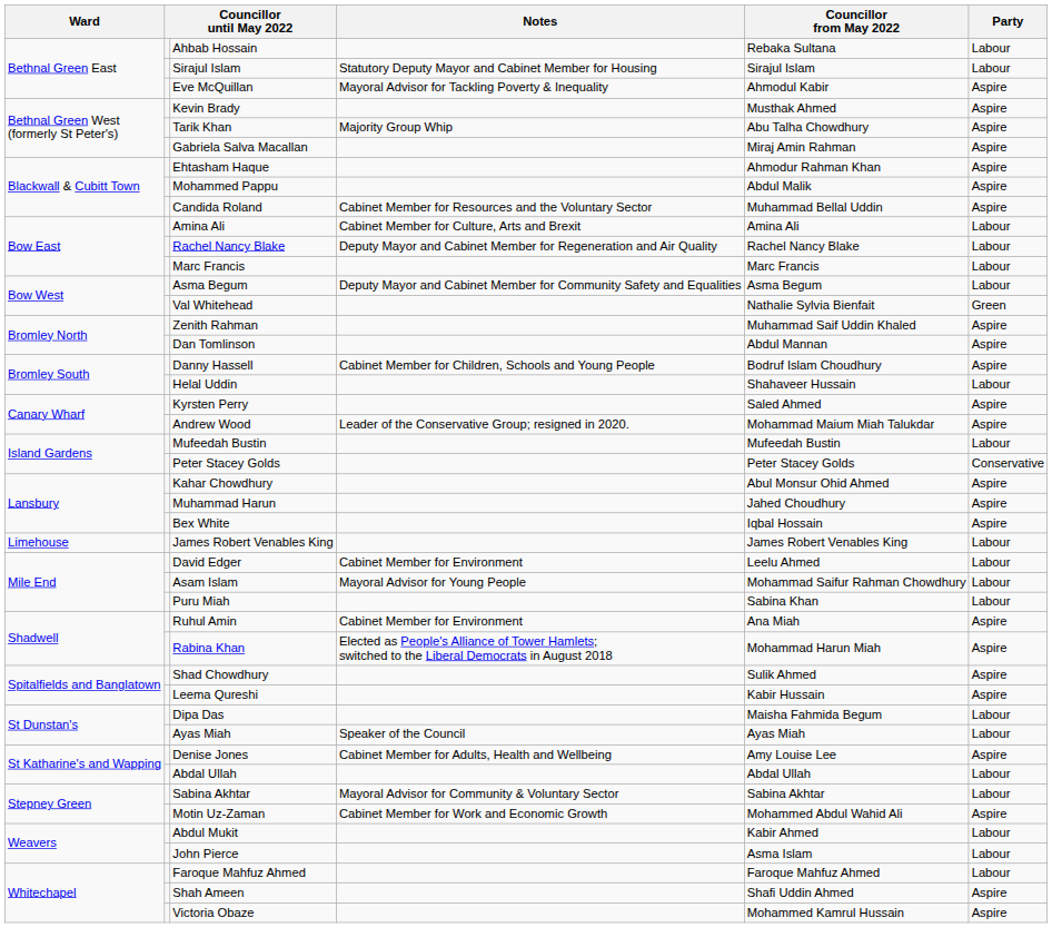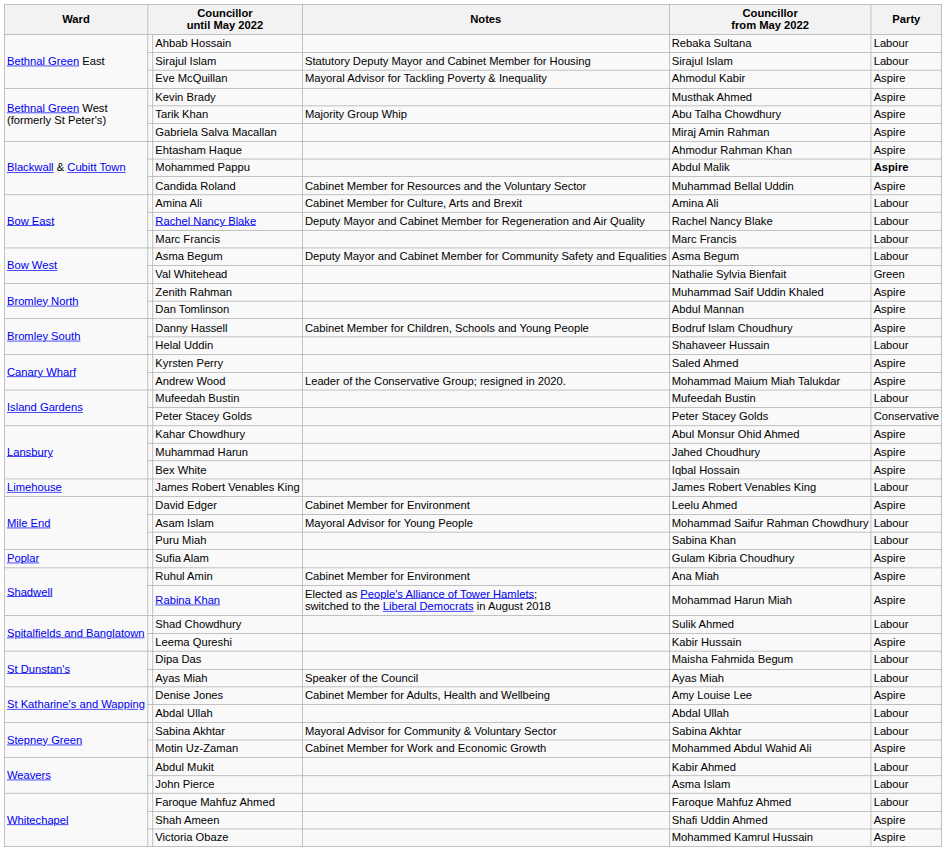 <table class="wikitable sortable">
 <tr>
 <th>Ward</th>
 <th colspan="2">Councillor<br>until May 2022</th>
 <th>Notes</th>
 <th>Councillor<br>from May 2022</th>
 <th>Party</th>
 </tr>
 <tr>
 <td rowspan="3"><a href='#'>Bethnal Green</a> East</td>
 <td style="color:inherit;background:"></td>
 <td>Ahbab Hossain</td>
 <td></td>
 <td>Rebaka Sultana</td>
 <td style="background:">Labour</td>
 </tr>
 <tr>
 <td style="color:inherit;background:"></td>
 <td>Sirajul Islam</td>
 <td>Statutory Deputy Mayor and Cabinet Member for Housing</td>
 <td>Sirajul Islam</td>
 <td style="background:">Labour</td>
 </tr>
 <tr>
 <td style="color:inherit;background:"></td>
 <td>Eve McQuillan</td>
 <td>Mayoral Advisor for Tackling Poverty & Inequality</td>
 <td>Ahmodul Kabir</td>
 <td style="background:">Aspire</td>
 </tr>
 <tr>
 <td rowspan="3"><a href='#'>Bethnal Green</a> West<br>(formerly St Peter's)</td>
 <td style="color:inherit;background:"></td>
 <td>Kevin Brady</td>
 <td></td>
 <td>Musthak Ahmed</td>
 <td style="background:">Aspire</td>
 </tr>
 <tr>
 <td style="color:inherit;background:"></td>
 <td>Tarik Khan</td>
 <td>Majority Group Whip</td>
 <td>Abu Talha Chowdhury</td>
 <td style="background:">Aspire</td>
 </tr>
 <tr>
 <td style="color:inherit;background:"></td>
 <td>Gabriela Salva Macallan</td>
 <td></td>
 <td>Miraj Amin Rahman</td>
 <td style="background:">Aspire</td>
 </tr>
 <tr>
 <td rowspan="3"><a href='#'>Blackwall</a> & <a href='#'>Cubitt Town</a></td>
 <td style="color:inherit;background:"></td>
 <td>Ehtasham Haque</td>
 <td></td>
 <td>Ahmodur Rahman Khan</td>
 <td style="background:">Aspire</td>
 </tr>
 <tr>
 <td style="color:inherit;background:"></td>
 <td>Mohammed Pappu</td>
 <td></td>
 <td>Abdul Malik</td>
-<td style="background:">Aspire</td>
+<td style="background:"><strong>Aspire</strong></td>
 </tr>
 <tr>
 <td style="color:inherit;background:"></td>
 <td>Candida Roland</td>
 <td>Cabinet Member for Resources and the Voluntary Sector</td>
 <td>Muhammad Bellal Uddin</td>
 <td style="background:">Aspire</td>
 </tr>
 <tr>
 <td rowspan="3"><a href='#'>Bow East</a></td>
 <td style="color:inherit;background:"></td>
 <td>Amina Ali</td>
 <td>Cabinet Member for Culture, Arts and Brexit</td>
 <td>Amina Ali</td>
 <td style="background:">Labour</td>
 </tr>
 <tr>
 <td style="color:inherit;background:"></td>
 <td><a href='#'>Rachel Nancy Blake</a></td>
 <td>Deputy Mayor and Cabinet Member for Regeneration and Air Quality</td>
 <td>Rachel Nancy Blake</td>
 <td style="background:">Labour</td>
 </tr>
 <tr>
 <td style="color:inherit;background:"></td>
 <td>Marc Francis</td>
 <td></td>
 <td>Marc Francis</td>
 <td style="background:">Labour</td>
 </tr>
 <tr>
 <td rowspan="2"><a href='#'>Bow West</a></td>
 <td style="color:inherit;background:"></td>
 <td>Asma Begum</td>
 <td>Deputy Mayor and Cabinet Member for Community Safety and Equalities</td>
 <td>Asma Begum</td>
 <td style="background:">Labour</td>
 </tr>
 <tr>
 <td style="color:inherit;background:"></td>
 <td>Val Whitehead</td>
 <td></td>
 <td>Nathalie Sylvia Bienfait</td>
 <td style="background:">Green</td>
 </tr>
 <tr>
 <td rowspan="2"><a href='#'>Bromley North</a></td>
 <td style="color:inherit;background:"></td>
 <td>Zenith Rahman</td>
 <td></td>
 <td>Muhammad Saif Uddin Khaled</td>
 <td style="background:">Aspire</td>
 </tr>
 <tr>
 <td style="color:inherit;background:"></td>
 <td>Dan Tomlinson</td>
 <td></td>
 <td>Abdul Mannan</td>
 <td style="background:">Aspire</td>
 </tr>
 <tr>
 <td rowspan="2"><a href='#'>Bromley South</a></td>
 <td style="color:inherit;background:"></td>
 <td>Danny Hassell</td>
 <td>Cabinet Member for Children, Schools and Young People</td>
 <td>Bodruf Islam Choudhury</td>
 <td style="background:">Aspire</td>
 </tr>
 <tr>
 <td style="color:inherit;background:"></td>
 <td>Helal Uddin</td>
 <td></td>
 <td>Shahaveer Hussain</td>
 <td style="background:">Labour</td>
 </tr>
 <tr>
 <td rowspan="2"><a href='#'>Canary Wharf</a></td>
 <td style="color:inherit;background:"></td>
 <td>Kyrsten Perry</td>
 <td></td>
 <td>Saled Ahmed</td>
 <td style="background:">Aspire</td>
 </tr>
 <tr>
 <td style="color:inherit;background:"></td>
 <td>Andrew Wood</td>
 <td>Leader of the Conservative Group; resigned in 2020.</td>
 <td>Mohammad Maium Miah Talukdar</td>
 <td style="background:">Aspire</td>
 </tr>
 <tr>
 <td rowspan="2"><a href='#'>Island Gardens</a></td>
 <td style="color:inherit;background:"></td>
 <td>Mufeedah Bustin</td>
 <td></td>
 <td>Mufeedah Bustin</td>
 <td style="background:">Labour</td>
 </tr>
 <tr>
 <td style="color:inherit;background:"></td>
 <td>Peter Stacey Golds</td>
 <td></td>
 <td>Peter Stacey Golds</td>
 <td style="background:">Conservative</td>
 </tr>
 <tr>
 <td rowspan="3"><a href='#'>Lansbury</a></td>
 <td style="color:inherit;background:"></td>
 <td>Kahar Chowdhury</td>
 <td></td>
 <td>Abul Monsur Ohid Ahmed</td>
 <td style="background:">Aspire</td>
 </tr>
 <tr>
 <td style="color:inherit;background:"></td>
 <td>Muhammad Harun</td>
 <td></td>
 <td>Jahed Choudhury</td>
 <td style="background:">Aspire</td>
 </tr>
 <tr>
 <td style="color:inherit;background:"></td>
 <td>Bex White</td>
 <td></td>
 <td>Iqbal Hossain</td>
 <td style="background:">Aspire</td>
 </tr>
 <tr>
 <td><a href='#'>Limehouse</a></td>
 <td style="color:inherit;background:"></td>
 <td>James Robert Venables King</td>
 <td></td>
 <td>James Robert Venables King</td>
 <td style="background:">Labour</td>
 </tr>
 <tr>
 <td rowspan="3"><a href='#'>Mile End</a></td>
 <td style="color:inherit;background:"></td>
 <td>David Edger</td>
 <td>Cabinet Member for Environment</td>
 <td>Leelu Ahmed</td>
-<td style="background:">Labour</td>
+<td style="background:">Aspire</td>
 </tr>
 <tr>
 <td style="color:inherit;background:"></td>
 <td>Asam Islam</td>
 <td>Mayoral Advisor for Young People</td>
 <td>Mohammad Saifur Rahman Chowdhury</td>
 <td style="background:">Labour</td>
 </tr>
 <tr>
 <td style="color:inherit;background:"></td>
 <td>Puru Miah</td>
 <td></td>
 <td>Sabina Khan</td>
 <td style="background:">Labour</td>
+</tr>
+<tr>
+<td><a href='#'>Poplar</a></td>
+<td style="color:inherit;background:"></td>
+<td>Sufia Alam</td>
+<td></td>
+<td>Gulam Kibria Choudhury</td>
+<td style="background:">Aspire</td>
 </tr>
 <tr>
 <td rowspan="2"><a href='#'>Shadwell</a></td>
 <td style="color:inherit;background:"></td>
 <td>Ruhul Amin</td>
 <td>Cabinet Member for Environment</td>
 <td>Ana Miah</td>
 <td style="background:">Aspire</td>
 </tr>
 <tr>
 <td style="color:inherit;background:"></td>
 <td><a href='#'>Rabina Khan</a></td>
 <td>Elected as <a href='#'>People's Alliance of Tower Hamlets</a>;<br> switched to the <a href='#'>Liberal Democrats</a> in August 2018</td>
 <td>Mohammad Harun Miah</td>
 <td style="background:">Aspire</td>
 </tr>
 <tr>
 <td rowspan="2"><a href='#'>Spitalfields and Banglatown</a></td>
 <td style="color:inherit;background:"></td>
 <td>Shad Chowdhury</td>
 <td></td>
 <td>Sulik Ahmed</td>
-<td style="background:">Aspire</td>
+<td style="background:">Labour</td>
 </tr>
 <tr>
 <td style="color:inherit;background:"></td>
 <td>Leema Qureshi</td>
 <td></td>
 <td>Kabir Hussain</td>
 <td style="background:">Aspire</td>
 </tr>
 <tr>
 <td rowspan="2"><a href='#'>St Dunstan's</a></td>
 <td style="color:inherit;background:"></td>
 <td>Dipa Das</td>
 <td></td>
 <td>Maisha Fahmida Begum</td>
 <td style="background:">Labour</td>
 </tr>
 <tr>
 <td style="color:inherit;background:"></td>
 <td>Ayas Miah</td>
 <td>Speaker of the Council</td>
 <td>Ayas Miah</td>
 <td style="background:">Labour</td>
 </tr>
 <tr>
 <td rowspan="2"><a href='#'>St Katharine's and Wapping</a></td>
 <td style="color:inherit;background:"></td>
 <td>Denise Jones</td>
 <td>Cabinet Member for Adults, Health and Wellbeing</td>
 <td>Amy Louise Lee</td>
 <td style="background:">Aspire</td>
 </tr>
 <tr>
 <td style="color:inherit;background:"></td>
 <td>Abdal Ullah</td>
 <td></td>
 <td>Abdal Ullah</td>
 <td style="background:">Labour</td>
 </tr>
 <tr>
 <td rowspan="2"><a href='#'>Stepney Green</a></td>
 <td style="color:inherit;background:"></td>
 <td>Sabina Akhtar</td>
 <td>Mayoral Advisor for Community & Voluntary Sector</td>
 <td>Sabina Akhtar</td>
 <td style="background:">Labour</td>
 </tr>
 <tr>
 <td style="color:inherit;background:"></td>
 <td>Motin Uz-Zaman</td>
 <td>Cabinet Member for Work and Economic Growth</td>
 <td>Mohammed Abdul Wahid Ali</td>
 <td style="background:">Aspire</td>
 </tr>
 <tr>
 <td rowspan="2"><a href='#'>Weavers</a></td>
 <td style="color:inherit;background:"></td>
 <td>Abdul Mukit</td>
 <td></td>
 <td>Kabir Ahmed</td>
 <td style="background:">Labour</td>
 </tr>
 <tr>
 <td style="color:inherit;background:"></td>
 <td>John Pierce</td>
 <td></td>
 <td>Asma Islam</td>
 <td style="background:">Labour</td>
 </tr>
 <tr>
 <td rowspan="3"><a href='#'>Whitechapel</a></td>
 <td style="color:inherit;background:"></td>
 <td>Faroque Mahfuz Ahmed</td>
 <td></td>
 <td>Faroque Mahfuz Ahmed</td>
 <td style="background:">Labour</td>
 </tr>
 <tr>
 <td style="color:inherit;background:"></td>
 <td>Shah Ameen</td>
 <td></td>
 <td>Shafi Uddin Ahmed</td>
 <td style="background:">Aspire</td>
 </tr>
 <tr>
 <td style="color:inherit;background:"></td>
 <td>Victoria Obaze</td>
 <td></td>
 <td>Mohammed Kamrul Hussain</td>
 <td style="background:">Aspire</td>
 </tr>
 </table>
